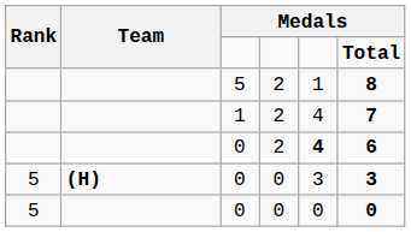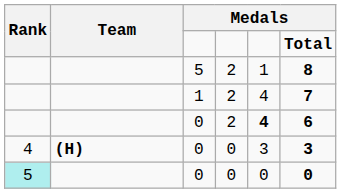 <table class="wikitable">
 <tr>
 <th rowspan=2>Rank</th>
 <th style="width:100px;" rowspan="2">Team</th>
 <th colspan=4>Medals</th>
 </tr>
 <tr>
 <td style="width:20px; text-align:center;"></td>
 <td style="width:20px; text-align:center;"></td>
 <td style="width:20px; text-align:center;"></td>
 <td><strong>Total</strong></td>
 </tr>
 <tr>
 <td align=center></td>
 <td></td>
 <td align=center>5</td>
 <td align=center>2</td>
 <td align=center>1</td>
 <td align=center><strong>8</strong></td>
 </tr>
 <tr>
 <td align=center></td>
 <td></td>
 <td align=center>1</td>
 <td align=center>2</td>
 <td align=center>4</td>
 <td align=center><strong>7</strong></td>
 </tr>
 <tr>
 <td align=center></td>
 <td></td>
 <td align=center>0</td>
 <td align=center>2</td>
 <td align=center><strong>4</strong></td>
 <td align=center><strong>6</strong></td>
 </tr>
 <tr>
-<td align=center>5</td>
+<td align=center>4</td>
 <td> <strong>(H)</strong></td>
 <td align=center>0</td>
 <td align=center>0</td>
 <td align=center>3</td>
 <td align=center><strong>3</strong></td>
 </tr>
 <tr>
-<td align=center>5</td>
+<td align=center style="background: paleturquoise;">5</td>
 <td></td>
 <td align=center>0</td>
 <td align=center>0</td>
 <td align=center>0</td>
 <td align=center><strong>0</strong></td>
 </tr>
 </table>
